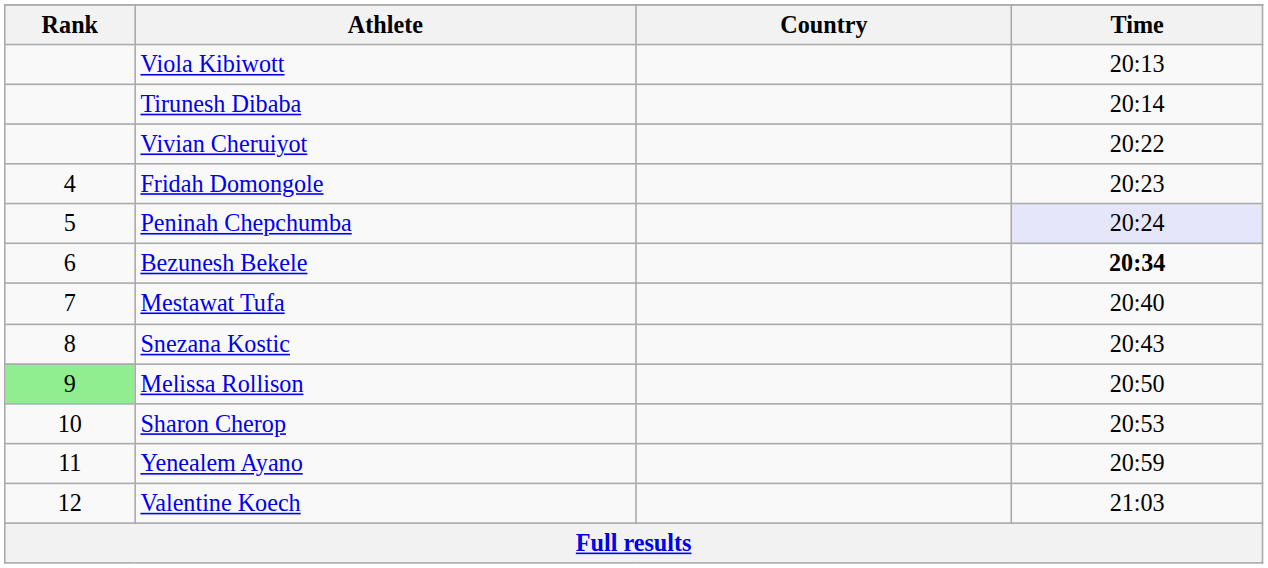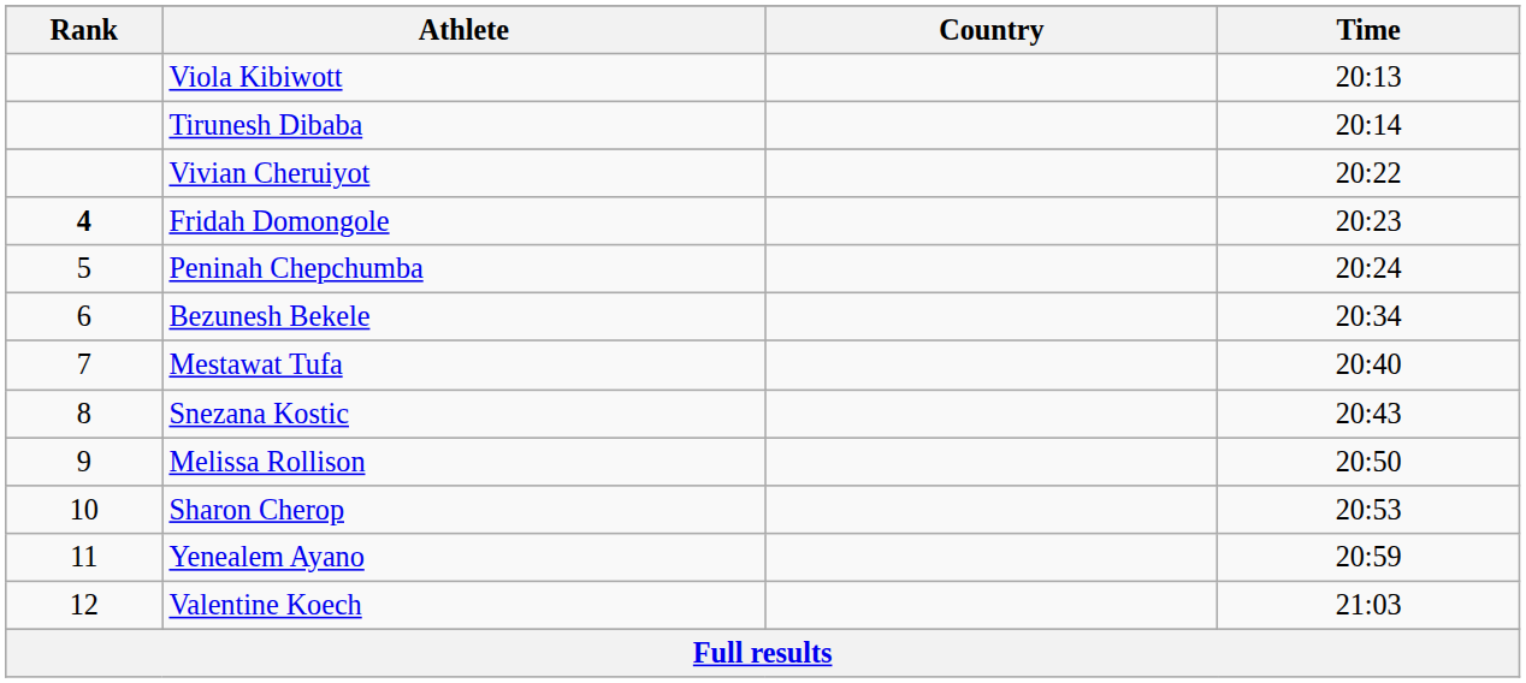 <table class="wikitable sortable" style=" text-align:center; font-size:95%;" width="50%">
 <tr>
 </tr>
 <tr>
 <th width=5%>Rank</th>
 <th width=20%>Athlete</th>
 <th width=15%>Country</th>
 <th width=10%>Time</th>
 </tr>
 <tr>
 <td align=center></td>
 <td align=left><a href='#'>Viola Kibiwott</a></td>
 <td align=left></td>
 <td>20:13</td>
 </tr>
 <tr>
 <td align=center></td>
 <td align=left><a href='#'>Tirunesh Dibaba</a></td>
 <td align=left></td>
 <td>20:14</td>
 </tr>
 <tr>
 <td align=center></td>
 <td align=left><a href='#'>Vivian Cheruiyot</a></td>
 <td align=left></td>
 <td>20:22</td>
 </tr>
 <tr>
-<td align=center>4</td>
+<td align=center><strong>4</strong></td>
 <td align=left><a href='#'>Fridah Domongole</a></td>
 <td align=left></td>
 <td>20:23</td>
 </tr>
 <tr>
 <td align=center>5</td>
 <td align=left><a href='#'>Peninah Chepchumba</a></td>
 <td align=left></td>
-<td style="background: lavender;">20:24</td>
+<td>20:24</td>
 </tr>
 <tr>
 <td align=center>6</td>
 <td align=left><a href='#'>Bezunesh Bekele</a></td>
 <td align=left></td>
-<td><strong>20:34</strong></td>
+<td>20:34</td>
 </tr>
 <tr>
 <td align=center>7</td>
 <td align=left><a href='#'>Mestawat Tufa</a></td>
 <td align=left></td>
 <td>20:40</td>
 </tr>
 <tr>
 <td align=center>8</td>
 <td align=left><a href='#'>Snezana Kostic</a></td>
 <td align=left></td>
 <td>20:43</td>
 </tr>
 <tr>
-<td align=center style="background: lightgreen;">9</td>
+<td align=center>9</td>
 <td align=left><a href='#'>Melissa Rollison</a></td>
 <td align=left></td>
 <td>20:50</td>
 </tr>
 <tr>
 <td align=center>10</td>
 <td align=left><a href='#'>Sharon Cherop</a></td>
 <td align=left></td>
 <td>20:53</td>
 </tr>
 <tr>
 <td align=center>11</td>
 <td align=left><a href='#'>Yenealem Ayano</a></td>
 <td align=left></td>
 <td>20:59</td>
 </tr>
 <tr>
 <td align=center>12</td>
 <td align=left><a href='#'>Valentine Koech</a></td>
 <td align=left></td>
 <td>21:03</td>
 </tr>
 <tr class="sortbottom">
 <th colspan=4 align=center><a href='#'>Full results</a></th>
 </tr>
 </table>
